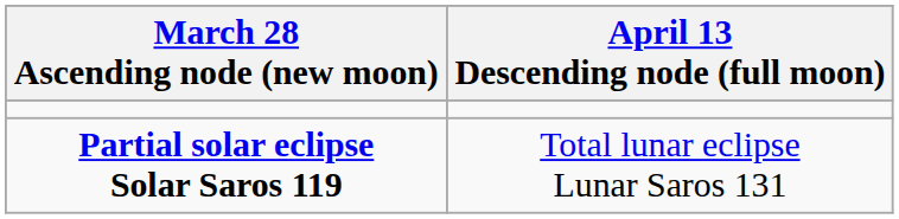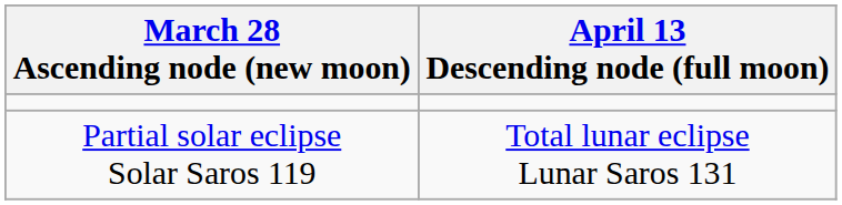 <table class="wikitable">
 <tr>
 <th><a href='#'>March 28</a><br>Ascending node (new moon)<br></th>
 <th><a href='#'>April 13</a><br>Descending node (full moon)<br></th>
 </tr>
 <tr>
 <td></td>
 <td></td>
 </tr>
 <tr align=center>
-<td><strong><a href='#'>Partial solar eclipse</a><br>Solar Saros 119</strong></td>
+<td><a href='#'>Partial solar eclipse</a><br>Solar Saros 119</td>
 <td><a href='#'>Total lunar eclipse</a><br>Lunar Saros 131</td>
 </tr>
 </table>
